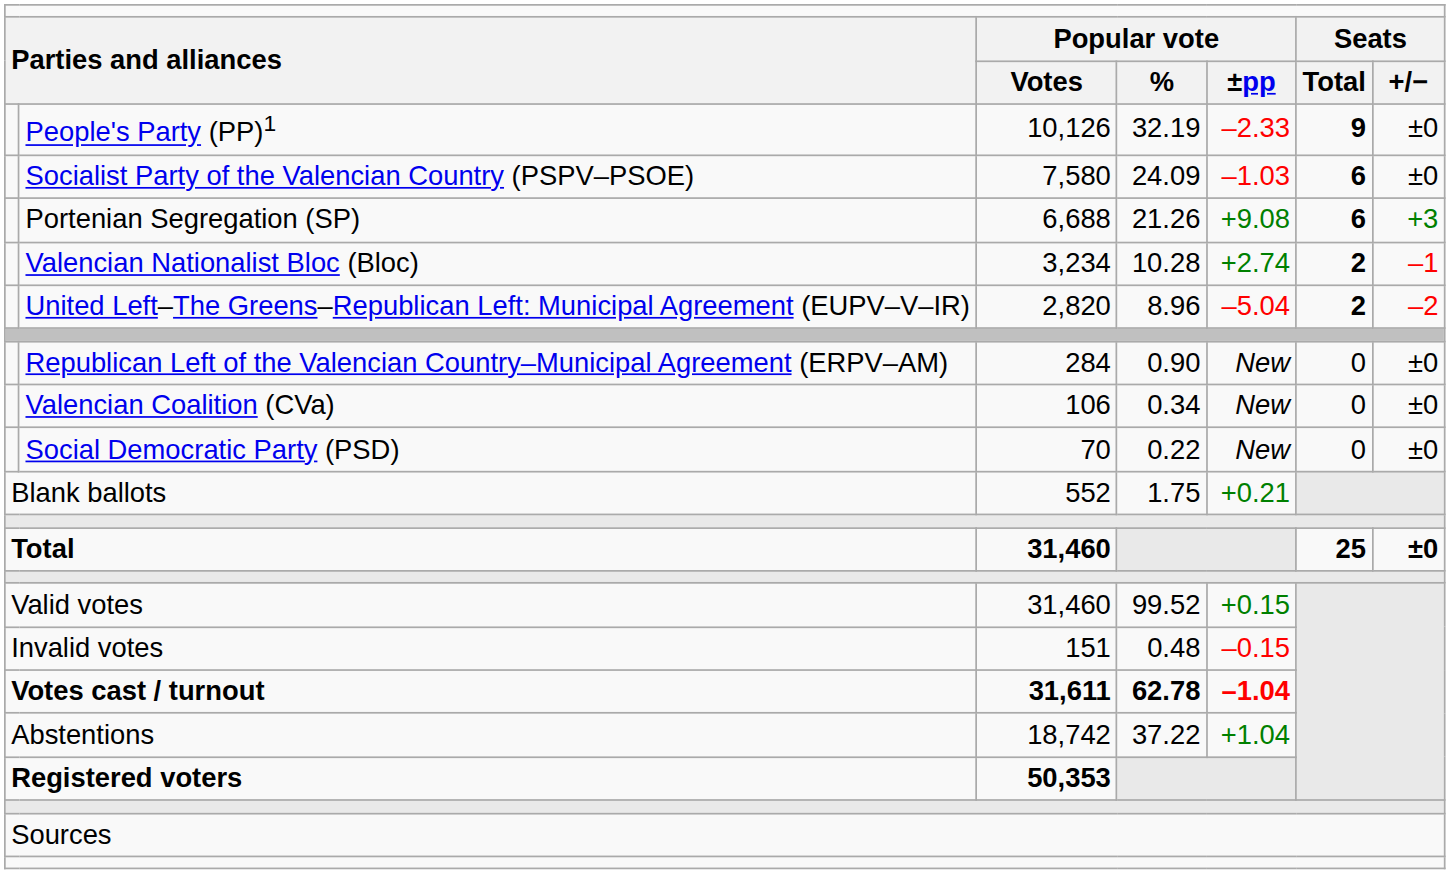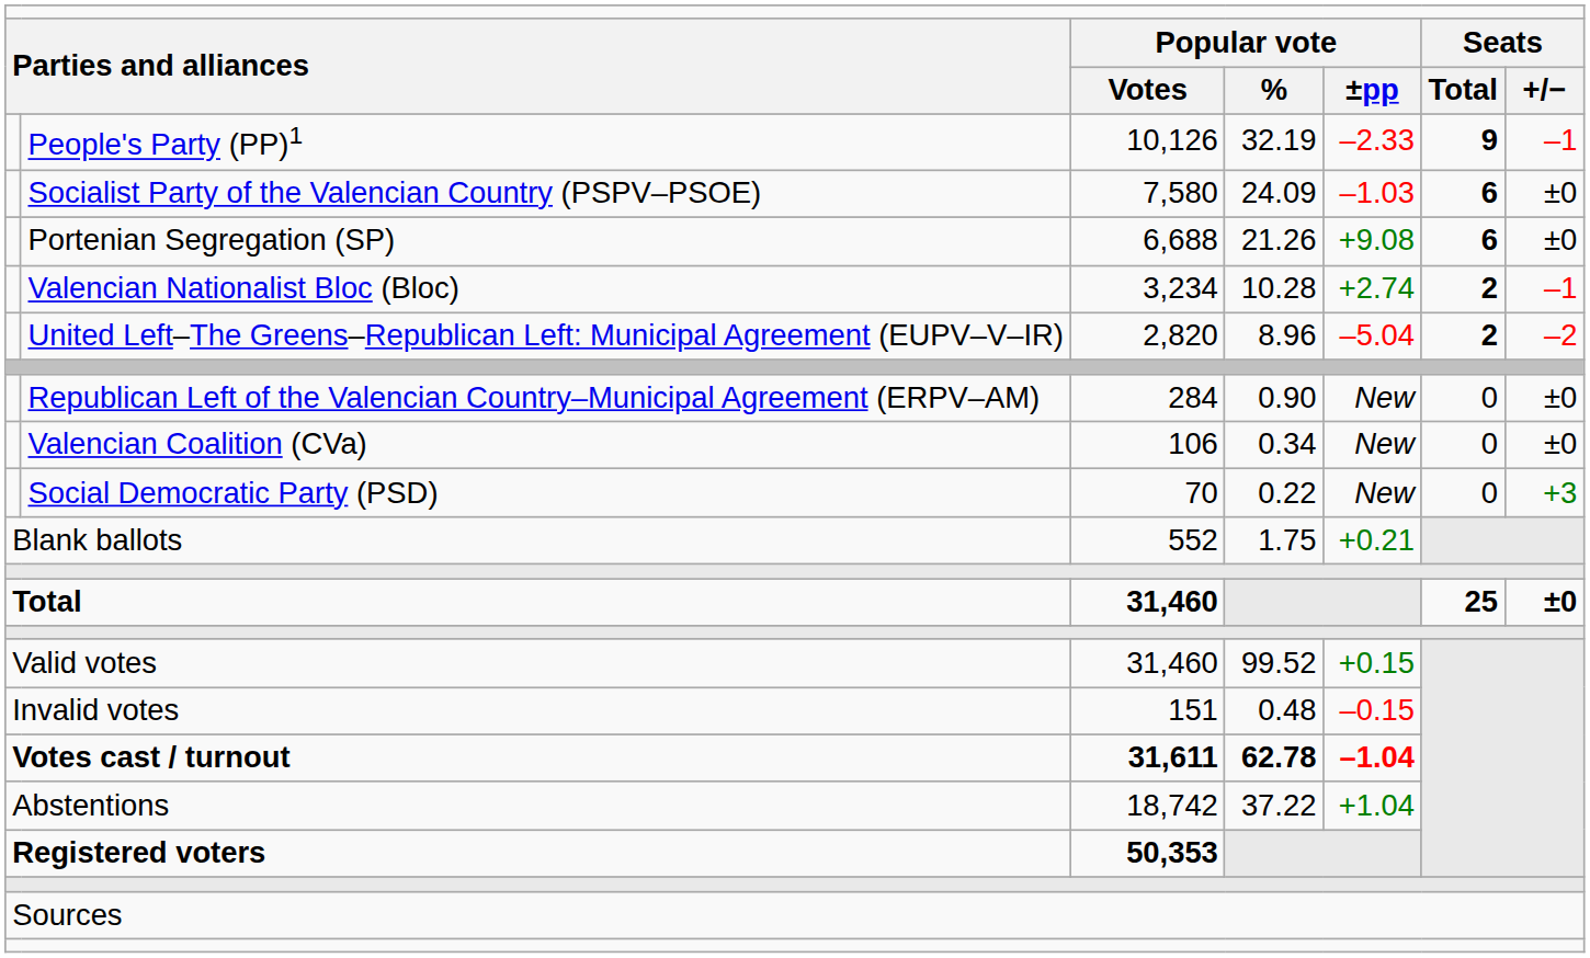 <table class="wikitable" style="text-align:right;">
 <tr>
 <td colspan="7"></td>
 </tr>
 <tr>
 <th style="text-align:left;" rowspan="2" colspan="2" width="525">Parties and alliances</th>
 <th colspan="3">Popular vote</th>
 <th colspan="2">Seats</th>
 </tr>
 <tr>
 <th width="75">Votes</th>
 <th width="45">%</th>
 <th width="45">±<a href='#'>pp</a></th>
 <th width="35">Total</th>
 <th width="35">+/−</th>
 </tr>
 <tr>
 <td width="1" style="color:inherit;background:"></td>
 <td align="left"><a href='#'>People's Party</a> (PP)<sup>1</sup></td>
 <td>10,126</td>
 <td>32.19</td>
 <td style="color:red;">–2.33</td>
 <td><strong>9</strong></td>
-<td>±0</td>
+<td style="color:red;">–1</td>
 </tr>
 <tr>
 <td style="color:inherit;background:"></td>
 <td align="left"><a href='#'>Socialist Party of the Valencian Country</a> (PSPV–PSOE)</td>
 <td>7,580</td>
 <td>24.09</td>
 <td style="color:red;">–1.03</td>
 <td><strong>6</strong></td>
 <td>±0</td>
 </tr>
 <tr>
 <td style="color:inherit;background:"></td>
 <td align="left">Portenian Segregation (SP)</td>
 <td>6,688</td>
 <td>21.26</td>
 <td style="color:green;">+9.08</td>
 <td><strong>6</strong></td>
-<td style="color:green;">+3</td>
+<td>±0</td>
 </tr>
 <tr>
 <td style="color:inherit;background:"></td>
 <td align="left"><a href='#'>Valencian Nationalist Bloc</a> (Bloc)</td>
 <td>3,234</td>
 <td>10.28</td>
 <td style="color:green;">+2.74</td>
 <td><strong>2</strong></td>
 <td style="color:red;">–1</td>
 </tr>
 <tr>
 <td style="color:inherit;background:"></td>
 <td align="left"><a href='#'>United Left</a>–<a href='#'>The Greens</a>–<a href='#'>Republican Left: Municipal Agreement</a> (EUPV–V–IR)</td>
 <td>2,820</td>
 <td>8.96</td>
 <td style="color:red;">–5.04</td>
 <td><strong>2</strong></td>
 <td style="color:red;">–2</td>
 </tr>
 <tr>
 <td colspan="7" bgcolor="#C0C0C0"></td>
 </tr>
 <tr>
 <td style="color:inherit;background:"></td>
 <td align="left"><a href='#'>Republican Left of the Valencian Country–Municipal Agreement</a> (ERPV–AM)</td>
 <td>284</td>
 <td>0.90</td>
 <td><em>New</em></td>
 <td>0</td>
 <td>±0</td>
 </tr>
 <tr>
 <td style="color:inherit;background:"></td>
 <td align="left"><a href='#'>Valencian Coalition</a> (CVa)</td>
 <td>106</td>
 <td>0.34</td>
 <td><em>New</em></td>
 <td>0</td>
 <td>±0</td>
 </tr>
 <tr>
 <td style="color:inherit;background:"></td>
 <td align="left"><a href='#'>Social Democratic Party</a> (PSD)</td>
 <td>70</td>
 <td>0.22</td>
 <td><em>New</em></td>
 <td>0</td>
-<td>±0</td>
+<td style="color:green;">+3</td>
 </tr>
 <tr>
 <td align="left" colspan="2">Blank ballots</td>
 <td>552</td>
 <td>1.75</td>
 <td style="color:green;">+0.21</td>
 <td bgcolor="#E9E9E9" colspan="2"></td>
 </tr>
 <tr>
 <td colspan="7" bgcolor="#E9E9E9"></td>
 </tr>
 <tr style="font-weight:bold;">
 <td align="left" colspan="2">Total</td>
 <td>31,460</td>
 <td bgcolor="#E9E9E9" colspan="2"></td>
 <td>25</td>
 <td>±0</td>
 </tr>
 <tr>
 <td colspan="7" bgcolor="#E9E9E9"></td>
 </tr>
 <tr>
 <td align="left" colspan="2">Valid votes</td>
 <td>31,460</td>
 <td>99.52</td>
 <td style="color:green;">+0.15</td>
 <td bgcolor="#E9E9E9" colspan="2" rowspan="5"></td>
 </tr>
 <tr>
 <td align="left" colspan="2">Invalid votes</td>
 <td>151</td>
 <td>0.48</td>
 <td style="color:red;">–0.15</td>
 </tr>
 <tr style="font-weight:bold;">
 <td align="left" colspan="2">Votes cast / turnout</td>
 <td>31,611</td>
 <td>62.78</td>
 <td style="color:red;">–1.04</td>
 </tr>
 <tr>
 <td align="left" colspan="2">Abstentions</td>
 <td>18,742</td>
 <td>37.22</td>
 <td style="color:green;">+1.04</td>
 </tr>
 <tr style="font-weight:bold;">
 <td align="left" colspan="2">Registered voters</td>
 <td>50,353</td>
 <td bgcolor="#E9E9E9" colspan="2"></td>
 </tr>
 <tr>
 <td colspan="7" bgcolor="#E9E9E9"></td>
 </tr>
 <tr>
 <td align="left" colspan="7">Sources</td>
 </tr>
 <tr>
 <td colspan="7" style="text-align:left; max-width:790px;"></td>
 </tr>
 </table>
